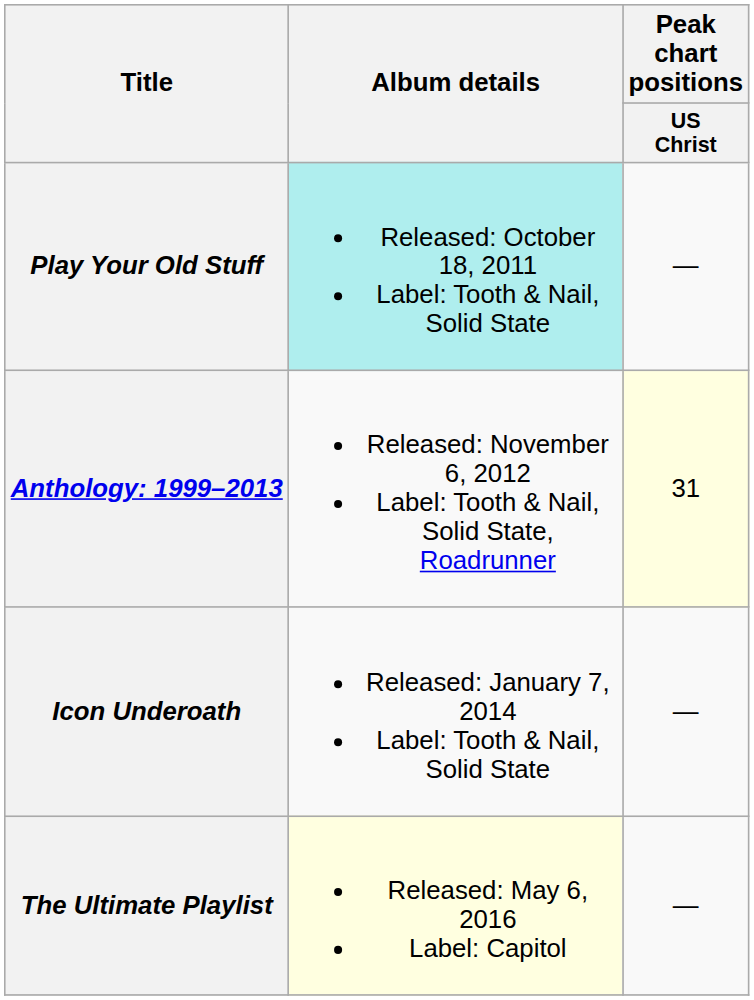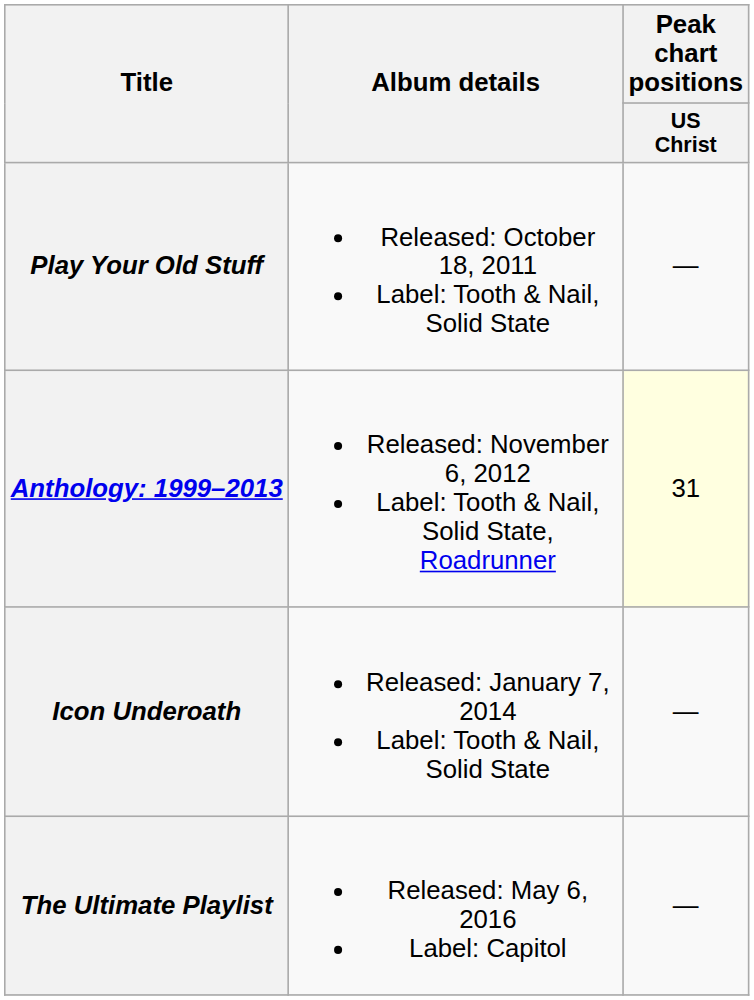 <table class="wikitable plainrowheaders" style="text-align:center;">
 <tr>
 <th scope="col" rowspan="2">Title</th>
 <th scope="col" rowspan="2" style="width:200px;">Album details</th>
 <th scope="col" colspan="2">Peak chart positions</th>
 </tr>
 <tr style="font-size:smaller;">
 <th scope="col" style="width:40px;">US<br>Christ<br></th>
 </tr>
 <tr>
 <th scope="row"><em>Play Your Old Stuff</em></th>
-<td style="background: paleturquoise;"><br><ul><li>Released: October 18, 2011</li><li>Label: Tooth & Nail, Solid State</li></ul></td>
+<td><br><ul><li>Released: October 18, 2011</li><li>Label: Tooth & Nail, Solid State</li></ul></td>
 <td>—</td>
 </tr>
 <tr>
 <th scope="row"><em><a href='#'>Anthology: 1999–2013</a></em></th>
 <td><br><ul><li>Released: November 6, 2012</li><li>Label: Tooth & Nail, Solid State, <a href='#'>Roadrunner</a></li></ul></td>
 <td style="background: lightyellow;">31</td>
 </tr>
 <tr>
 <th scope="row"><em>Icon Underoath</em></th>
 <td><br><ul><li>Released: January 7, 2014</li><li>Label: Tooth & Nail, Solid State</li></ul></td>
 <td>—</td>
 </tr>
 <tr>
 <th scope="row"><em>The Ultimate Playlist</em></th>
-<td style="background: lightyellow;"><br><ul><li>Released: May 6, 2016</li><li>Label: Capitol</li></ul></td>
+<td><br><ul><li>Released: May 6, 2016</li><li>Label: Capitol</li></ul></td>
 <td>—</td>
 </tr>
 </table>
